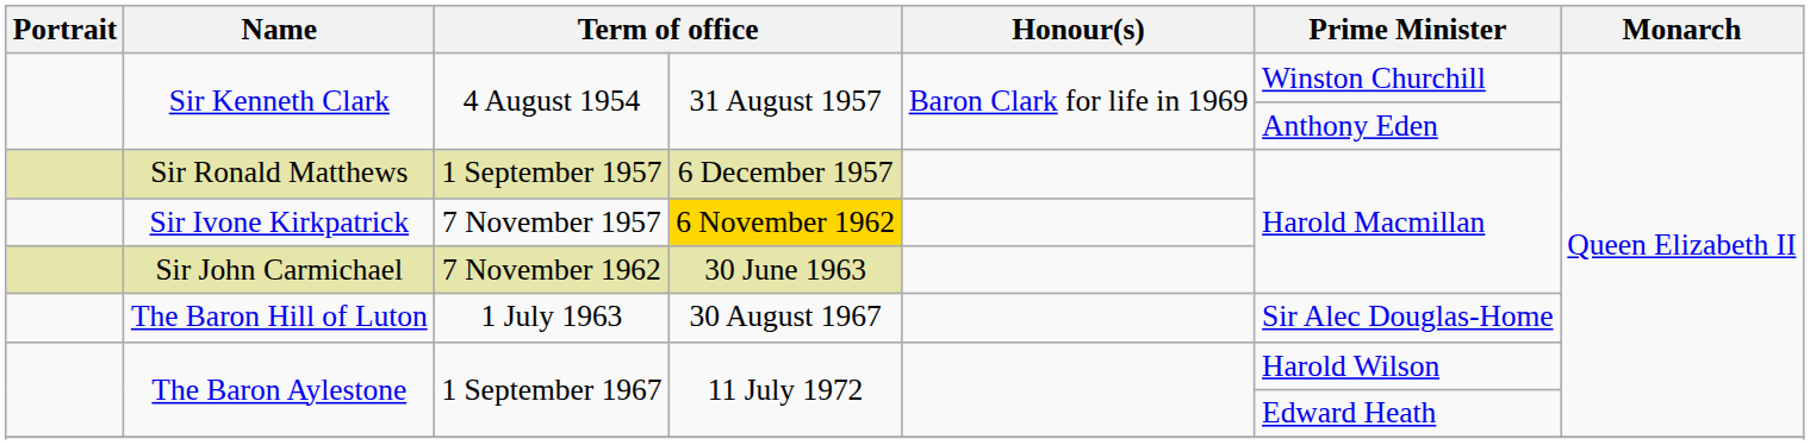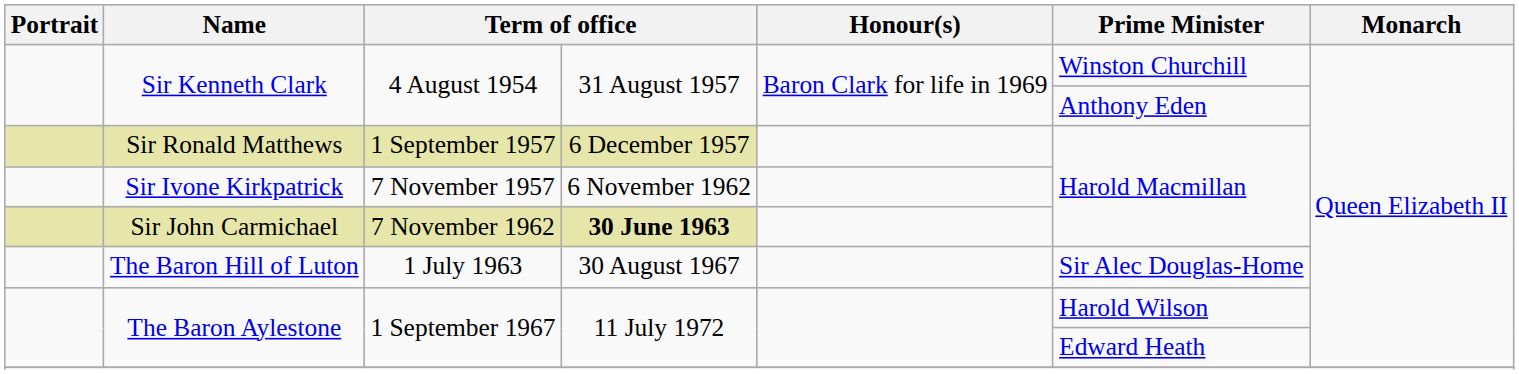 <table class="sortable wikitable">
 <tr>
 <th>Portrait</th>
 <th>Name<br></th>
 <th colspan=2>Term of office</th>
 <th>Honour(s)</th>
 <th>Prime Minister</th>
 <th>Monarch<br></th>
 </tr>
 <tr>
 <td rowspan=3></td>
 <td rowspan=3 align=center><a href='#'>Sir Kenneth Clark</a><br></td>
 <td rowspan=3 align=center>4 August 1954</td>
 <td rowspan=3 align=center>31 August 1957</td>
 <td rowspan=3><a href='#'>Baron Clark</a> for life in 1969</td>
 <td><a href='#'>Winston Churchill</a></td>
 <td rowspan=11><a href='#'>Queen Elizabeth II</a><br></td>
 </tr>
 <tr>
 <td><a href='#'>Anthony Eden</a></td>
 </tr>
 <tr>
 <td rowspan=5><a href='#'>Harold Macmillan</a></td>
 </tr>
 <tr>
 <td style="background:#e6e6aa;"></td>
 <td style="background:#e6e6aa;" align=center>Sir Ronald Matthews<br></td>
 <td style="background:#e6e6aa;" align=center>1 September 1957</td>
 <td style="background:#e6e6aa;" align=center>6 December 1957</td>
 </tr>
 <tr>
 <td></td>
 <td align=center><a href='#'>Sir Ivone Kirkpatrick</a><br></td>
 <td align=center>7 November 1957</td>
-<td align=center style="background: gold;">6 November 1962</td>
+<td align=center>6 November 1962</td>
 <td></td>
 </tr>
 <tr>
 <td style="background:#e6e6aa;"></td>
 <td style="background:#e6e6aa;" align=center>Sir John Carmichael<br></td>
 <td style="background:#e6e6aa;" align=center>7 November 1962</td>
-<td style="background:#e6e6aa;" align=center>30 June 1963</td>
+<td style="background:#e6e6aa;" align=center><strong>30 June 1963</strong></td>
 </tr>
 <tr>
 <td rowspan=3></td>
 <td rowspan=3 align=center><a href='#'>The Baron Hill of Luton</a><br></td>
 <td rowspan=3 align=center>1 July 1963</td>
 <td rowspan=3 align=center>30 August 1967</td>
 <td rowspan=3></td>
 </tr>
 <tr>
 <td><a href='#'>Sir Alec Douglas-Home</a></td>
 </tr>
 <tr>
 <td rowspan=2><a href='#'>Harold Wilson</a></td>
 </tr>
 <tr>
 <td rowspan=2></td>
 <td rowspan=2 align=center><a href='#'>The Baron Aylestone</a><br></td>
 <td rowspan=2 align=center>1 September 1967</td>
 <td rowspan=2 align=center>11 July 1972</td>
 <td rowspan=2></td>
 </tr>
 <tr>
 <td><a href='#'>Edward Heath</a></td>
 </tr>
 <tr>
 </tr>
 <tr>
 </tr>
 </table>
